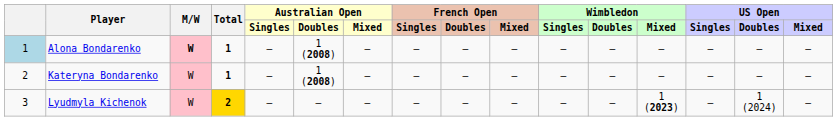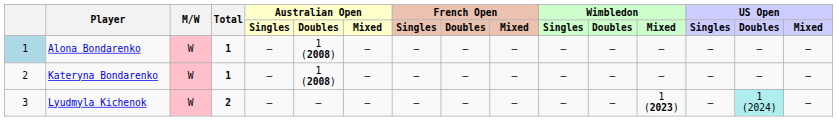 <table class="wikitable mw-datatable sortable" style="text-align:center;">
 <tr>
 <th data-sort-type="number" width="5%" rowspan="2"></th>
 <th width="15%" rowspan="2">Player</th>
 <th width="5%"  rowspan="2">M/W</th>
 <th rowspan="2">Total</th>
 <th colspan="3" style="background:#ffc;">Australian Open</th>
 <th colspan="3" style="background:#ebc2af;">French Open</th>
 <th colspan="3" style="background:#cfc;">Wimbledon</th>
 <th colspan="3" style="background:#ccf;">US Open</th>
 </tr>
 <tr>
 <th style="background:#ffc; width:60px;">Singles</th>
 <th style="background:#ffc; width:60px;">Doubles</th>
 <th style="background:#ffc; width:60px;">Mixed</th>
 <th style="background:#ebc2af; width:60px;">Singles</th>
 <th style="background:#ebc2af; width:60px;">Doubles</th>
 <th style="background:#ebc2af; width:60px;">Mixed</th>
 <th style="background:#cfc; width:60px;">Singles</th>
 <th style="background:#cfc; width:60px;">Doubles</th>
 <th style="background:#cfc; width:60px;">Mixed</th>
 <th style="background:#ccf; width:60px;">Singles</th>
 <th style="background:#ccf; width:60px;">Doubles</th>
 <th style="background:#ccf; width:60px;">Mixed</th>
 </tr>
 <tr>
 <td style="background: lightblue;">1</td>
 <td style="text-align:left"><a href='#'>Alona Bondarenko</a></td>
-<td style="background:pink;"><strong>W</strong></td>
+<td style="background:pink;">W</td>
 <td><strong>1</strong></td>
 <td>—</td>
 <td>1 (<strong>2008</strong>)</td>
 <td>—</td>
 <td>—</td>
 <td>—</td>
 <td>—</td>
 <td>—</td>
 <td>—</td>
 <td>—</td>
 <td>—</td>
 <td>—</td>
 <td>—</td>
 </tr>
 <tr>
 <td>2</td>
 <td style="text-align:left"><a href='#'>Kateryna Bondarenko</a></td>
 <td style="background:pink;">W</td>
 <td><strong>1</strong></td>
 <td>—</td>
 <td>1 (<strong>2008</strong>)</td>
 <td>—</td>
 <td>—</td>
 <td>—</td>
 <td>—</td>
 <td>—</td>
 <td>—</td>
 <td>—</td>
 <td>—</td>
 <td>—</td>
 <td>—</td>
 </tr>
 <tr>
 <td>3</td>
 <td style="text-align:left"><a href='#'>Lyudmyla Kichenok</a></td>
 <td style="background:pink;">W</td>
-<td style="background: gold;"><strong>2</strong></td>
+<td><strong>2</strong></td>
 <td>—</td>
 <td>—</td>
 <td>—</td>
 <td>—</td>
 <td>—</td>
 <td>—</td>
 <td>—</td>
 <td>—</td>
 <td>1 (<strong>2023</strong>)</td>
 <td>—</td>
-<td>1 (2024)</td>
+<td style="background: paleturquoise;">1 (2024)</td>
 <td>—</td>
 </tr>
 </table>
